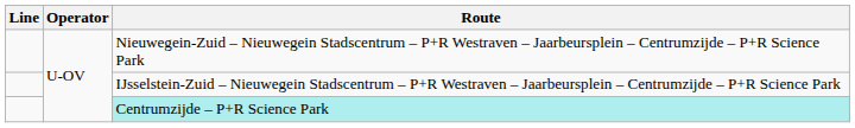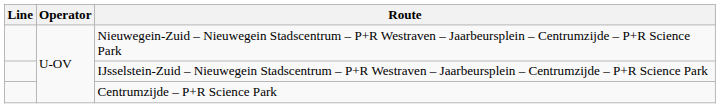 <table class="wikitable">
 <tr>
 <th>Line</th>
 <th>Operator</th>
 <th>Route</th>
 </tr>
 <tr>
 <td></td>
 <td rowspan="3">U-OV</td>
 <td>Nieuwegein-Zuid – Nieuwegein Stadscentrum – P+R Westraven – Jaarbeursplein – Centrumzijde – P+R Science Park</td>
 </tr>
 <tr>
 <td></td>
 <td>IJsselstein-Zuid – Nieuwegein Stadscentrum – P+R Westraven – Jaarbeursplein – Centrumzijde – P+R Science Park</td>
 </tr>
 <tr>
 <td></td>
-<td style="background: paleturquoise;">Centrumzijde – P+R Science Park</td>
+<td>Centrumzijde – P+R Science Park</td>
 </tr>
 </table>
